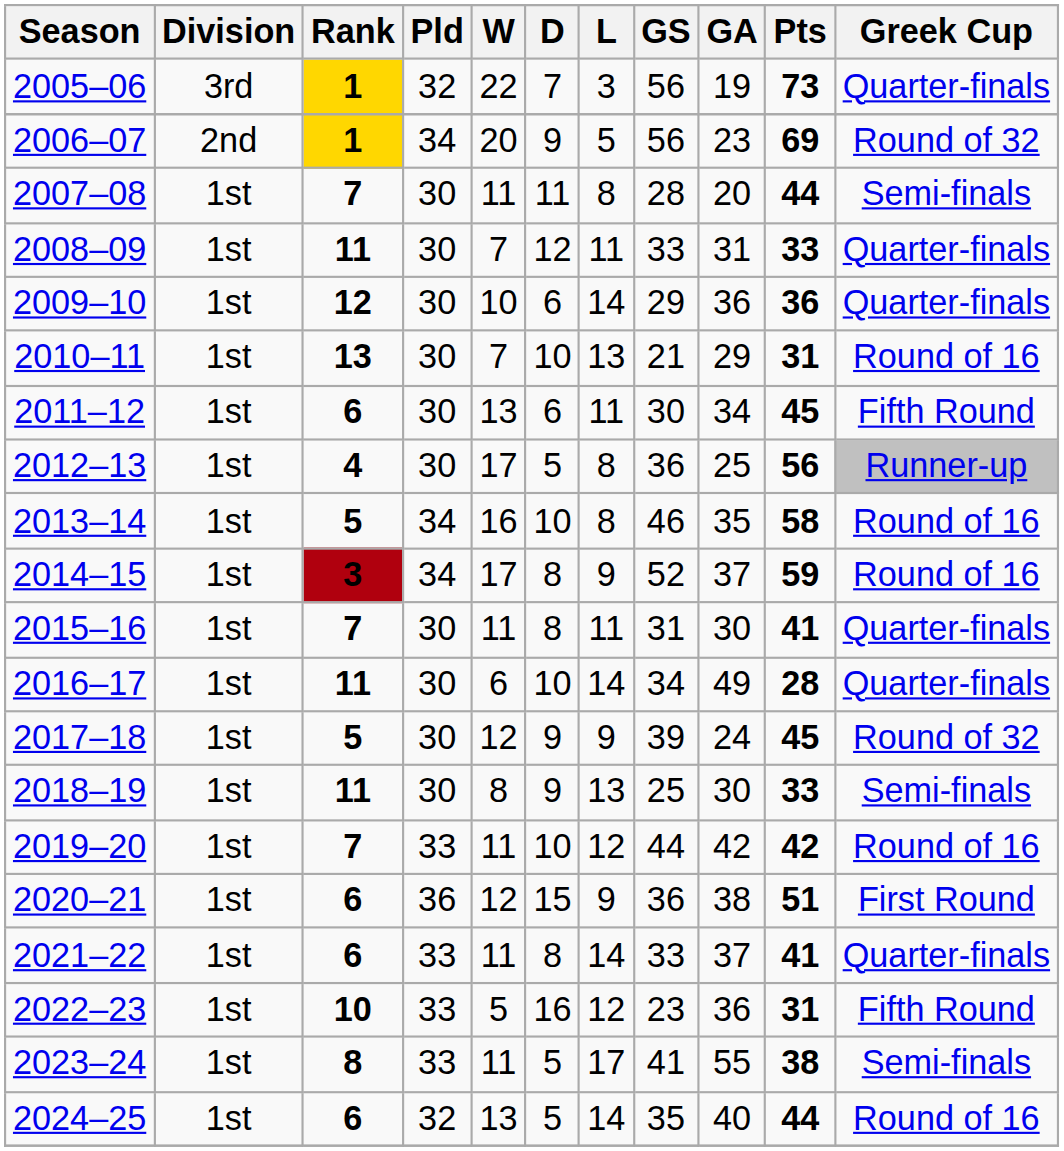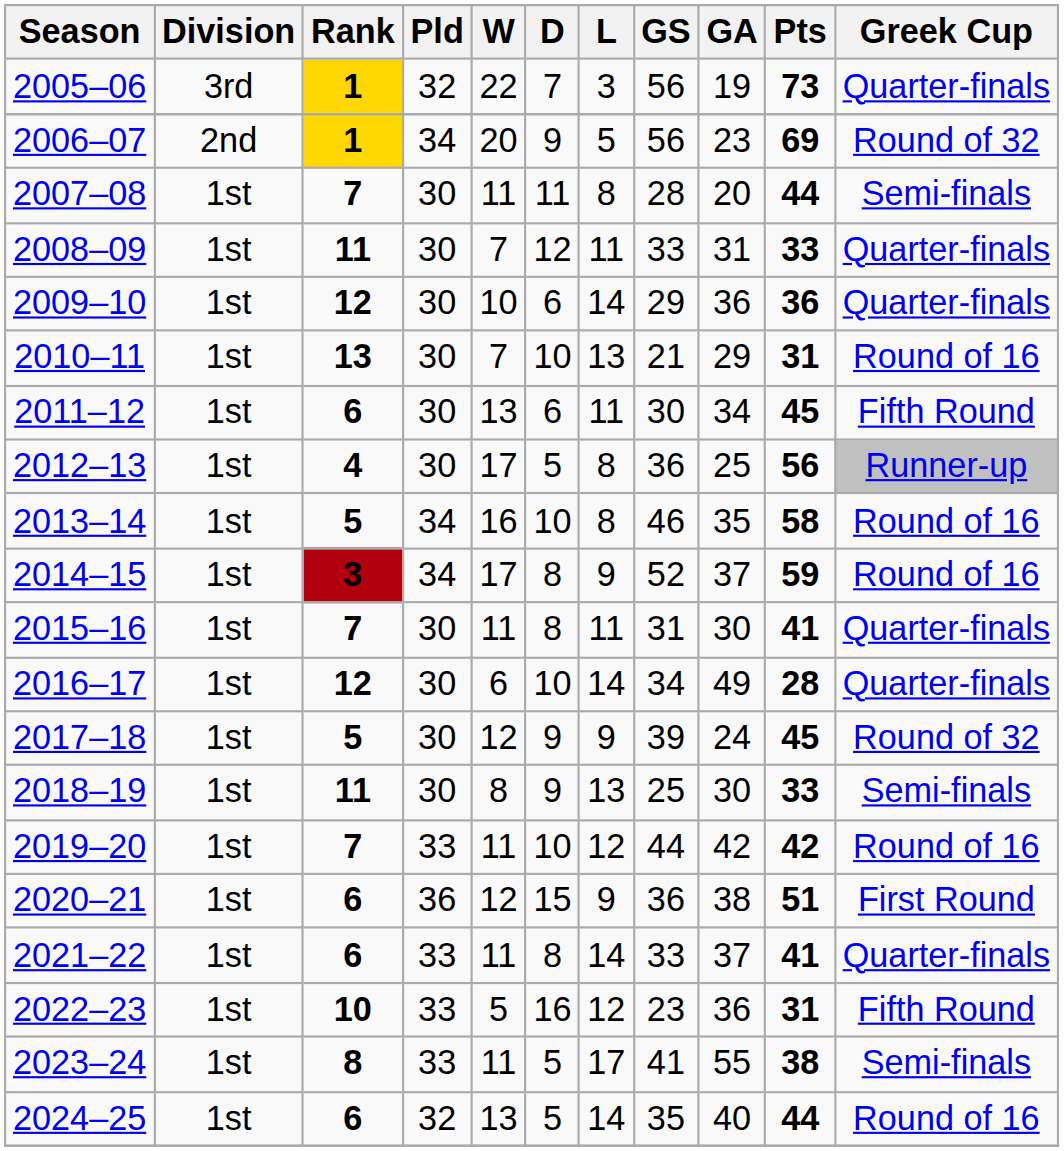 <table class="wikitable" style="color:black">
 <tr>
 <th rowspan="2" style="border: 1px padding:0px;">Season</th>
 </tr>
 <tr>
 <th>Division</th>
 <th>Rank</th>
 <th>Pld</th>
 <th>W</th>
 <th>D</th>
 <th>L</th>
 <th>GS</th>
 <th>GA</th>
 <th>Pts</th>
 <th>Greek Cup</th>
 </tr>
 <tr>
 <td align=center><a href='#'>2005–06</a></td>
 <td align=center style="color:black;">3rd</td>
 <td align=center style="color:black;"bgcolor=gold><strong>1</strong></td>
 <td align=center style="color:black;">32</td>
 <td align=center style="color:black;">22</td>
 <td align=center style="color:black;">7</td>
 <td align=center style="color:black;">3</td>
 <td align=center style="color:black;">56</td>
 <td align=center style="color:black;">19</td>
 <td align=center style="color:black;"><strong>73</strong></td>
 <td align=center style="color:black;"><a href='#'>Quarter-finals</a></td>
 </tr>
 <tr>
 </tr>
 <tr>
 <td align=center><a href='#'>2006–07</a></td>
 <td align=center style="color:black;">2nd</td>
 <td align=center style="color:black;"bgcolor=gold><strong>1</strong></td>
 <td align=center style="color:black;">34</td>
 <td align=center style="color:black;">20</td>
 <td align=center style="color:black;">9</td>
 <td align=center style="color:black;">5</td>
 <td align=center style="color:black;">56</td>
 <td align=center style="color:black;">23</td>
 <td align=center style="color:black;"><strong>69</strong></td>
 <td align=center style="color:black;"><a href='#'>Round of 32</a></td>
 </tr>
 <tr>
 <td align=center><a href='#'>2007–08</a></td>
 <td align=center style="color:black;">1st</td>
 <td align=center style="color:black;"><strong>7</strong></td>
 <td align=center style="color:black;">30</td>
 <td align=center style="color:black;">11</td>
 <td align=center style="color:black;">11</td>
 <td align=center style="color:black;">8</td>
 <td align=center style="color:black;">28</td>
 <td align=center style="color:black;">20</td>
 <td align=center style="color:black;"><strong>44</strong></td>
 <td align=center style="color:black;"><a href='#'>Semi-finals</a></td>
 </tr>
 <tr>
 <td align=center><a href='#'>2008–09</a></td>
 <td align=center style="color:black;">1st</td>
 <td align=center style="color:black;"><strong>11</strong></td>
 <td align=center style="color:black;">30</td>
 <td align=center style="color:black;">7</td>
 <td align=center style="color:black;">12</td>
 <td align=center style="color:black;">11</td>
 <td align=center style="color:black;">33</td>
 <td align=center style="color:black;">31</td>
 <td align=center style="color:black;"><strong>33</strong></td>
 <td align=center style="color:black;"><a href='#'>Quarter-finals</a></td>
 </tr>
 <tr>
 <td align=center><a href='#'>2009–10</a></td>
 <td align=center style="color:black;">1st</td>
 <td align=center style="color:black;"><strong>12</strong></td>
 <td align=center style="color:black;">30</td>
 <td align=center style="color:black;">10</td>
 <td align=center style="color:black;">6</td>
 <td align=center style="color:black;">14</td>
 <td align=center style="color:black;">29</td>
 <td align=center style="color:black;">36</td>
 <td align=center style="color:black;"><strong>36</strong></td>
 <td align=center style="color:black;"><a href='#'>Quarter-finals</a></td>
 </tr>
 <tr>
 <td align=center><a href='#'>2010–11</a></td>
 <td align=center style="color:black;">1st</td>
 <td align=center style="color:black;"><strong>13</strong></td>
 <td align=center style="color:black;">30</td>
 <td align=center style="color:black;">7</td>
 <td align=center style="color:black;">10</td>
 <td align=center style="color:black;">13</td>
 <td align=center style="color:black;">21</td>
 <td align=center style="color:black;">29</td>
 <td align=center style="color:black;"><strong>31</strong></td>
 <td align=center style="color:black;"><a href='#'>Round of 16</a></td>
 </tr>
 <tr>
 <td align=center><a href='#'>2011–12</a></td>
 <td align=center style="color:black;">1st</td>
 <td align=center style="color:black;"><strong>6</strong></td>
 <td align=center style="color:black;">30</td>
 <td align=center style="color:black;">13</td>
 <td align=center style="color:black;">6</td>
 <td align=center style="color:black;">11</td>
 <td align=center style="color:black;">30</td>
 <td align=center style="color:black;">34</td>
 <td align=center style="color:black;"><strong>45</strong></td>
 <td align=center style="color:black;"><a href='#'>Fifth Round</a></td>
 </tr>
 <tr>
 <td align=center><a href='#'>2012–13</a></td>
 <td align=center style="color:black;">1st</td>
 <td align=center style="color:black;"><strong>4</strong></td>
 <td align=center style="color:black;">30</td>
 <td align=center style="color:black;">17</td>
 <td align=center style="color:black;">5</td>
 <td align=center style="color:black;">8</td>
 <td align=center style="color:black;">36</td>
 <td align=center style="color:black;">25</td>
 <td align=center style="color:black;"><strong>56</strong></td>
 <td align=center style="color:black;" bgcolor=silver><a href='#'>Runner-up</a></td>
 </tr>
 <tr>
 <td align=center><a href='#'>2013–14</a></td>
 <td align=center style="color:black;">1st</td>
 <td align=center style="color:black;"><strong>5</strong></td>
 <td align=center style="color:black;">34</td>
 <td align=center style="color:black;">16</td>
 <td align=center style="color:black;">10</td>
 <td align=center style="color:black;">8</td>
 <td align=center style="color:black;">46</td>
 <td align=center style="color:black;">35</td>
 <td align=center style="color:black;"><strong>58</strong></td>
 <td align=center style="color:black;"><a href='#'>Round of 16</a></td>
 </tr>
 <tr>
 <td align=center><a href='#'>2014–15</a></td>
 <td align=center style="color:black;">1st</td>
 <td align=center style="color:black;" bgcolor=bronze><strong>3</strong></td>
 <td align=center style="color:black;">34</td>
 <td align=center style="color:black;">17</td>
 <td align=center style="color:black;">8</td>
 <td align=center style="color:black;">9</td>
 <td align=center style="color:black;">52</td>
 <td align=center style="color:black;">37</td>
 <td align=center style="color:black;"><strong>59</strong></td>
 <td align=center style="color:black;"><a href='#'>Round of 16</a></td>
 </tr>
 <tr>
 <td align=center><a href='#'>2015–16</a></td>
 <td align=center style="color:black;">1st</td>
 <td align=center style="color:black;"><strong>7</strong></td>
 <td align=center style="color:black;">30</td>
 <td align=center style="color:black;">11</td>
 <td align=center style="color:black;">8</td>
 <td align=center style="color:black;">11</td>
 <td align=center style="color:black;">31</td>
 <td align=center style="color:black;">30</td>
 <td align=center style="color:black;"><strong>41</strong></td>
 <td align=center style="color:black;"><a href='#'>Quarter-finals</a></td>
 </tr>
 <tr>
 <td align=center><a href='#'>2016–17</a></td>
 <td align=center style="color:black;">1st</td>
-<td align=center style="color:black;"><strong>11</strong></td>
+<td align=center style="color:black;"><strong>12</strong></td>
 <td align=center style="color:black;">30</td>
 <td align=center style="color:black;">6</td>
 <td align=center style="color:black;">10</td>
 <td align=center style="color:black;">14</td>
 <td align=center style="color:black;">34</td>
 <td align=center style="color:black;">49</td>
 <td align=center style="color:black;"><strong>28</strong></td>
 <td align=center style="color:black;"><a href='#'>Quarter-finals</a></td>
 </tr>
 <tr>
 <td align=center><a href='#'>2017–18</a></td>
 <td align=center style="color:black;">1st</td>
 <td align=center style="color:black;"><strong>5</strong></td>
 <td align=center style="color:black;">30</td>
 <td align=center style="color:black;">12</td>
 <td align=center style="color:black;">9</td>
 <td align=center style="color:black;">9</td>
 <td align=center style="color:black;">39</td>
 <td align=center style="color:black;">24</td>
 <td align=center style="color:black;"><strong>45</strong></td>
 <td align=center style="color:black;"><a href='#'>Round of 32</a></td>
 </tr>
 <tr>
 <td align=center><a href='#'>2018–19</a></td>
 <td align=center style="color:black;">1st</td>
 <td align=center style="color:black;"><strong>11</strong></td>
 <td align=center style="color:black;">30</td>
 <td align=center style="color:black;">8</td>
 <td align=center style="color:black;">9</td>
 <td align=center style="color:black;">13</td>
 <td align=center style="color:black;">25</td>
 <td align=center style="color:black;">30</td>
 <td align=center style="color:black;"><strong>33</strong></td>
 <td align=center style="color:black;"><a href='#'>Semi-finals</a></td>
 </tr>
 <tr>
 <td align=center><a href='#'>2019–20</a></td>
 <td align=center style="color:black;">1st</td>
 <td align=center style="color:black;"><strong>7</strong></td>
 <td align=center style="color:black;">33</td>
 <td align=center style="color:black;">11</td>
 <td align=center style="color:black;">10</td>
 <td align=center style="color:black;">12</td>
 <td align=center style="color:black;">44</td>
 <td align=center style="color:black;">42</td>
 <td align=center style="color:black;"><strong>42</strong></td>
 <td align=center style="color:black;"><a href='#'>Round of 16</a></td>
 </tr>
 <tr>
 <td align=center><a href='#'>2020–21</a></td>
 <td align=center style="color:black;">1st</td>
 <td align=center style="color:black;"><strong>6</strong></td>
 <td align=center style="color:black;">36</td>
 <td align=center style="color:black;">12</td>
 <td align=center style="color:black;">15</td>
 <td align=center style="color:black;">9</td>
 <td align=center style="color:black;">36</td>
 <td align=center style="color:black;">38</td>
 <td align=center style="color:black;"><strong>51</strong></td>
 <td align=center style="color:black;"><a href='#'>First Round</a></td>
 </tr>
 <tr>
 <td align=center><a href='#'>2021–22</a></td>
 <td align=center style="color:black;">1st</td>
 <td align=center style="color:black;"><strong>6</strong></td>
 <td align=center style="color:black;">33</td>
 <td align=center style="color:black;">11</td>
 <td align=center style="color:black;">8</td>
 <td align=center style="color:black;">14</td>
 <td align=center style="color:black;">33</td>
 <td align=center style="color:black;">37</td>
 <td align=center style="color:black;"><strong>41</strong></td>
 <td align=center style="color:black;"><a href='#'>Quarter-finals</a></td>
 </tr>
 <tr>
 <td align=center><a href='#'>2022–23</a></td>
 <td align=center style="color:black;">1st</td>
 <td align=center style="color:black;"><strong>10</strong></td>
 <td align=center style="color:black;">33</td>
 <td align=center style="color:black;">5</td>
 <td align=center style="color:black;">16</td>
 <td align=center style="color:black;">12</td>
 <td align=center style="color:black;">23</td>
 <td align=center style="color:black;">36</td>
 <td align=center style="color:black;"><strong>31</strong></td>
 <td align=center style="color:black;"><a href='#'>Fifth Round</a></td>
 </tr>
 <tr>
 <td align=center><a href='#'>2023–24</a></td>
 <td align=center style="color:black;">1st</td>
 <td align=center style="color:black;"><strong>8</strong></td>
 <td align=center style="color:black;">33</td>
 <td align=center style="color:black;">11</td>
 <td align=center style="color:black;">5</td>
 <td align=center style="color:black;">17</td>
 <td align=center style="color:black;">41</td>
 <td align=center style="color:black;">55</td>
 <td align=center style="color:black;"><strong>38</strong></td>
 <td align=center style="color:black;"><a href='#'>Semi-finals</a></td>
 </tr>
 <tr>
 <td align=center><a href='#'>2024–25</a></td>
 <td align=center style="color:black;">1st</td>
 <td align=center style="color:black;"><strong>6</strong></td>
 <td align=center style="color:black;">32</td>
 <td align=center style="color:black;">13</td>
 <td align=center style="color:black;">5</td>
 <td align=center style="color:black;">14</td>
 <td align=center style="color:black;">35</td>
 <td align=center style="color:black;">40</td>
 <td align=center style="color:black;"><strong>44</strong></td>
 <td align=center style="color:black;"><a href='#'>Round of 16</a></td>
 </tr>
 <tr>
 </tr>
 </table>
